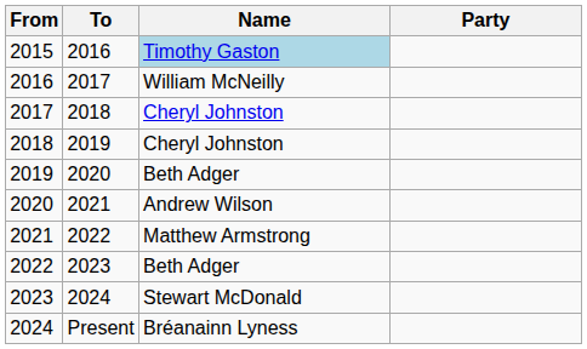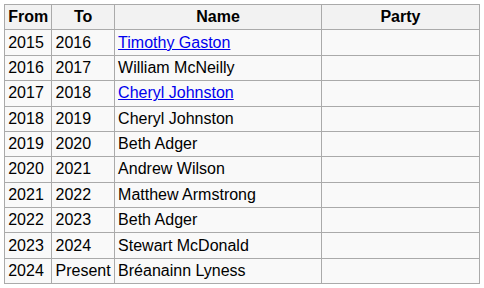 <table class="wikitable sortable">
 <tr>
 <th>From</th>
 <th>To</th>
 <th scope="col" width="200">Name</th>
 <th scope="col" width="150" colspan=2>Party</th>
 </tr>
 <tr>
 <td>2015</td>
 <td>2016</td>
-<td style="background: lightblue;"><a href='#'>Timothy Gaston</a></td>
+<td><a href='#'>Timothy Gaston</a></td>
 <td></td>
 </tr>
 <tr>
 <td>2016</td>
 <td>2017</td>
 <td>William McNeilly</td>
 <td></td>
 </tr>
 <tr>
 <td>2017</td>
 <td>2018</td>
 <td><a href='#'>Cheryl Johnston</a></td>
 <td></td>
 </tr>
 <tr>
 <td>2018</td>
 <td>2019</td>
 <td>Cheryl Johnston</td>
 <td></td>
 </tr>
 <tr>
 <td>2019</td>
 <td>2020</td>
 <td>Beth Adger</td>
 <td></td>
 </tr>
 <tr>
 <td>2020</td>
 <td>2021</td>
 <td>Andrew Wilson</td>
 <td></td>
 </tr>
 <tr>
 <td>2021</td>
 <td>2022</td>
 <td>Matthew Armstrong</td>
 <td></td>
 </tr>
 <tr>
 <td>2022</td>
 <td>2023</td>
 <td>Beth Adger</td>
 <td></td>
 </tr>
 <tr>
 <td>2023</td>
 <td>2024</td>
 <td>Stewart McDonald</td>
 <td></td>
 </tr>
 <tr>
 <td>2024</td>
 <td>Present</td>
 <td>Bréanainn Lyness</td>
 <td></td>
 </tr>
 </table>
